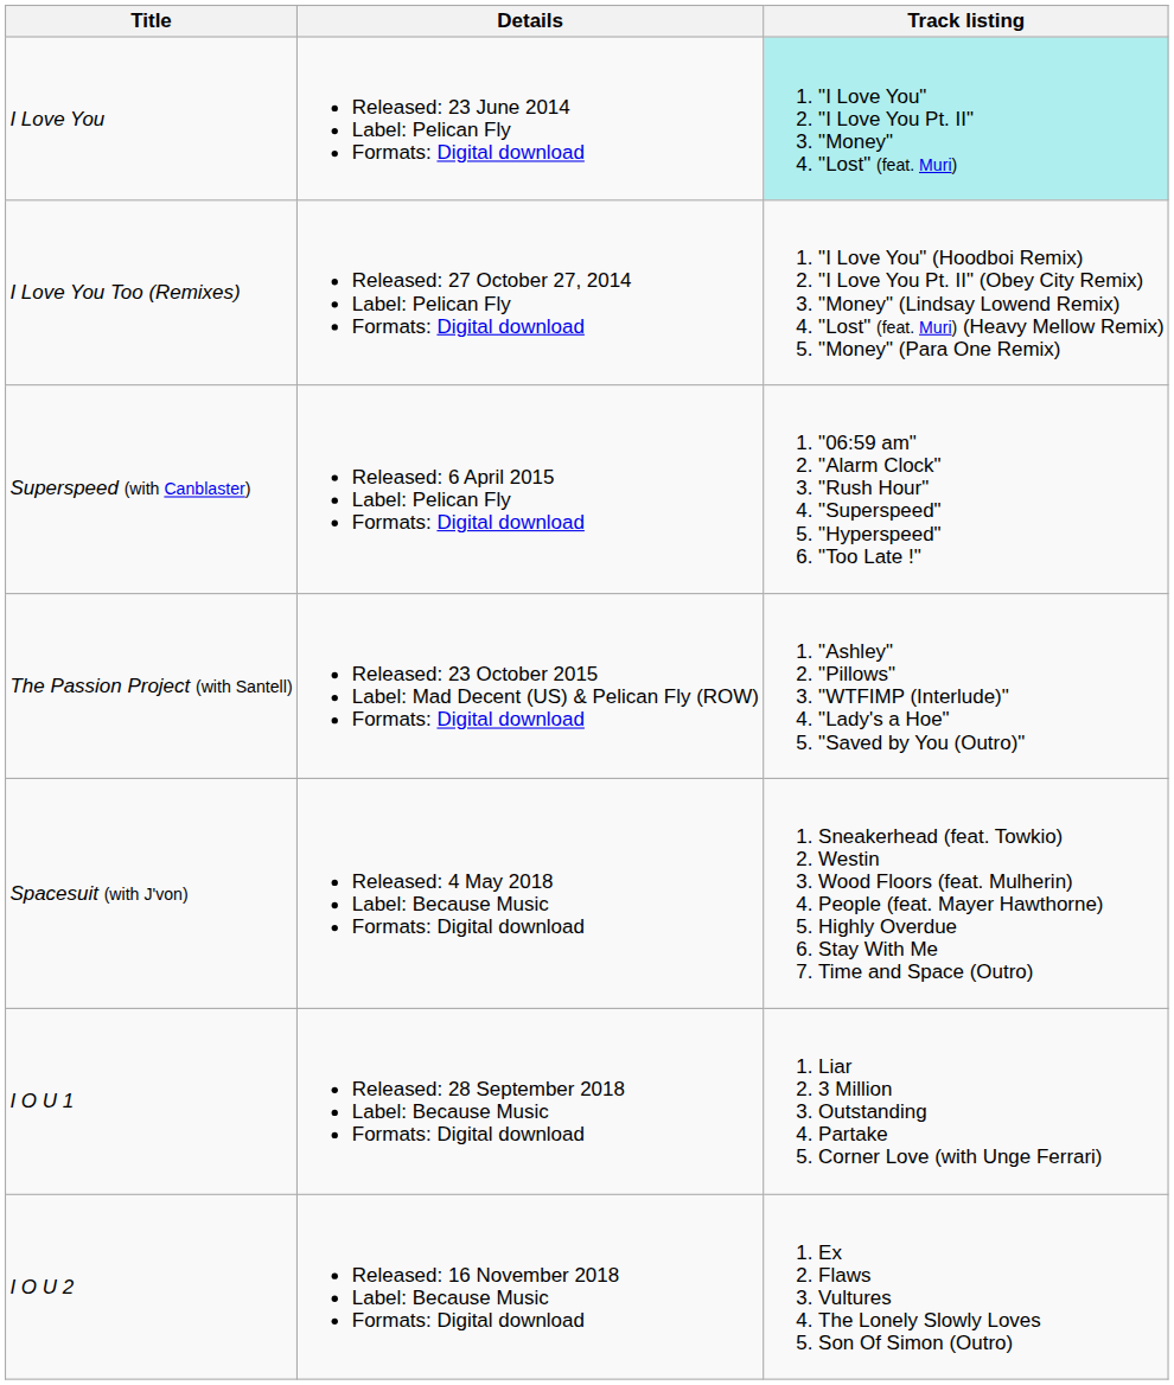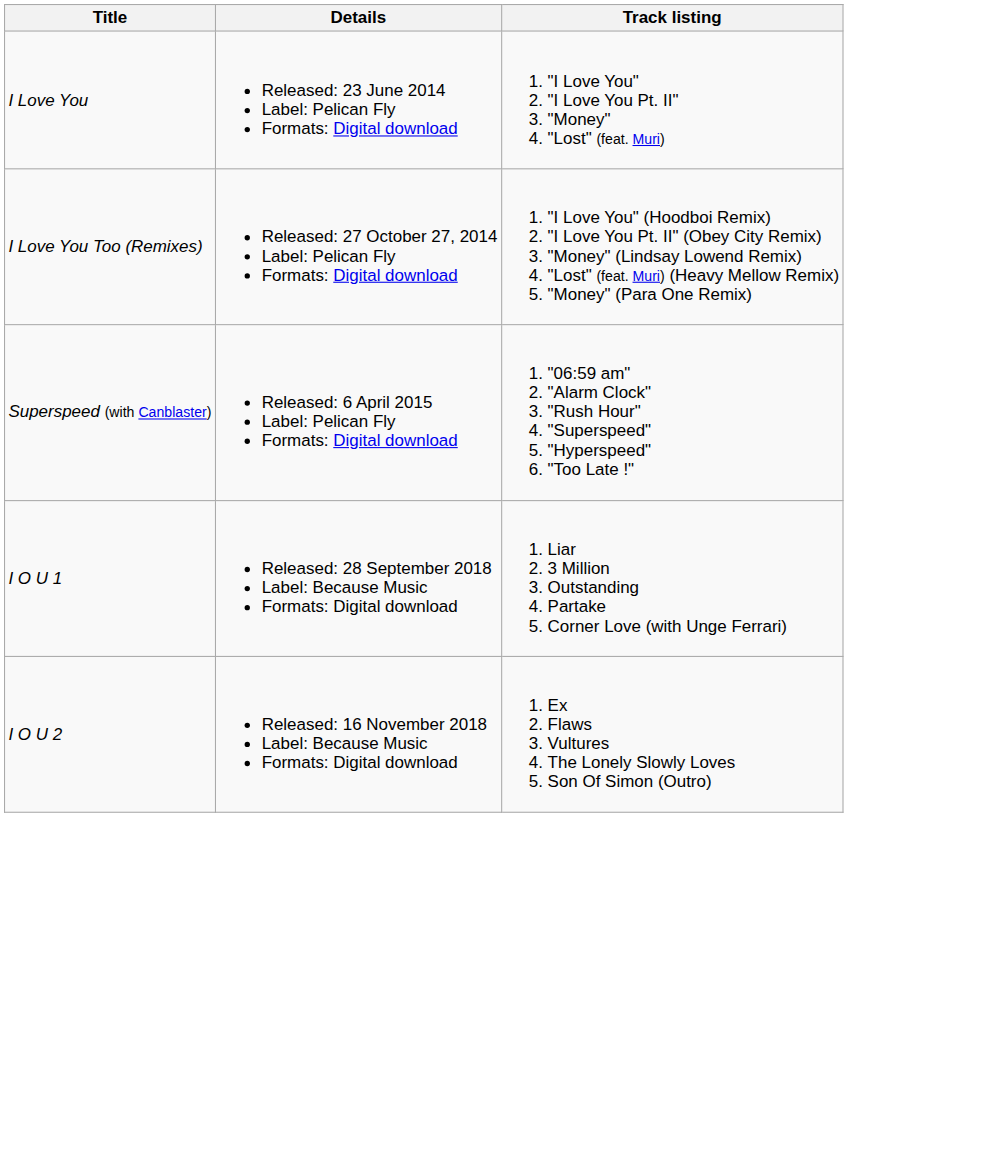 <table class="wikitable">
 <tr>
 <th>Title</th>
 <th>Details</th>
 <th>Track listing</th>
 </tr>
 <tr>
 <td><em>I Love You</em></td>
 <td><br><ul><li>Released: 23 June 2014</li><li>Label: Pelican Fly</li><li>Formats: <a href='#'>Digital download</a></li></ul></td>
-<td style="background: paleturquoise;"><br><ol><li>"I Love You"</li><li>"I Love You Pt. II"</li><li>"Money"</li><li>"Lost" <small>(feat. <a href='#'>Muri</a>)</small></li></ol></td>
+<td><br><ol><li>"I Love You"</li><li>"I Love You Pt. II"</li><li>"Money"</li><li>"Lost" <small>(feat. <a href='#'>Muri</a>)</small></li></ol></td>
 </tr>
 <tr>
 <td><em>I Love You Too (Remixes)</em></td>
 <td><br><ul><li>Released: 27 October 27, 2014</li><li>Label: Pelican Fly</li><li>Formats: <a href='#'>Digital download</a></li></ul></td>
 <td><br><ol><li>"I Love You" (Hoodboi Remix)</li><li>"I Love You Pt. II" (Obey City Remix)</li><li>"Money" (Lindsay Lowend Remix)</li><li>"Lost" <small>(feat. <a href='#'>Muri</a>)</small> (Heavy Mellow Remix)</li><li>"Money" (Para One Remix)</li></ol></td>
 </tr>
 <tr>
 <td><em>Superspeed</em> <small>(with <a href='#'>Canblaster</a>)</small></td>
 <td><br><ul><li>Released: 6 April 2015</li><li>Label: Pelican Fly</li><li>Formats: <a href='#'>Digital download</a></li></ul></td>
 <td><br><ol><li>"06:59 am"</li><li>"Alarm Clock"</li><li>"Rush Hour"</li><li>"Superspeed"</li><li>"Hyperspeed"</li><li>"Too Late !"</li></ol></td>
 </tr>
 <tr>
-<td><em>The Passion Project</em> <small>(with Santell)</small></td>
-<td><br><ul><li>Released: 23 October 2015</li><li>Label: Mad Decent (US) & Pelican Fly (ROW)</li><li>Formats: <a href='#'>Digital download</a></li></ul></td>
-<td><br><ol><li>"Ashley"</li><li>"Pillows"</li><li>"WTFIMP (Interlude)"</li><li>"Lady's a Hoe"</li><li>"Saved by You (Outro)"</li></ol></td>
-</tr>
-<tr>
-<td><em>Spacesuit</em> <small>(with J'von)</small></td>
-<td><br><ul><li>Released: 4 May 2018</li><li>Label: Because Music</li><li>Formats: Digital download</li></ul></td>
-<td><br><ol><li>Sneakerhead (feat. Towkio)</li><li>Westin</li><li>Wood Floors (feat. Mulherin)</li><li>People (feat. Mayer Hawthorne)</li><li>Highly Overdue</li><li>Stay With Me</li><li>Time and Space (Outro)</li></ol></td>
-</tr>
-<tr>
 <td><em>I O U 1</em></td>
 <td><br><ul><li>Released: 28 September 2018</li><li>Label: Because Music</li><li>Formats: Digital download</li></ul></td>
 <td><br><ol><li>Liar</li><li>3 Million</li><li>Outstanding</li><li>Partake</li><li>Corner Love (with Unge Ferrari)</li></ol></td>
 </tr>
 <tr>
 <td><em>I O U 2</em></td>
 <td><br><ul><li>Released: 16 November 2018</li><li>Label: Because Music</li><li>Formats: Digital download</li></ul></td>
 <td><br><ol><li>Ex</li><li>Flaws</li><li>Vultures</li><li>The Lonely Slowly Loves</li><li>Son Of Simon (Outro)</li></ol></td>
 </tr>
 </table>
